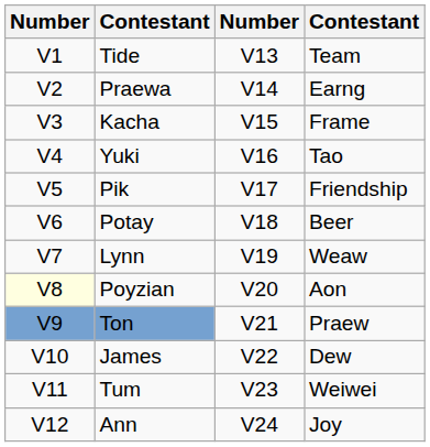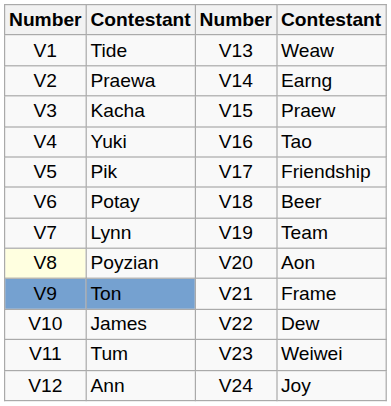 <table class="wikitable">
 <tr>
 <th>Number</th>
 <th>Contestant</th>
 <th>Number</th>
 <th>Contestant</th>
 </tr>
 <tr>
 <td style="text-align:center;">V1</td>
 <td>Tide</td>
 <td style="text-align:center;">V13</td>
-<td>Team</td>
+<td>Weaw</td>
 </tr>
 <tr>
 <td style="text-align:center;">V2</td>
 <td>Praewa</td>
 <td style="text-align:center;">V14</td>
 <td>Earng</td>
 </tr>
 <tr>
 <td style="text-align:center;">V3</td>
 <td>Kacha</td>
 <td style="text-align:center;">V15</td>
-<td>Frame</td>
+<td>Praew</td>
 </tr>
 <tr>
 <td style="text-align:center;">V4</td>
 <td>Yuki</td>
 <td style="text-align:center;">V16</td>
 <td>Tao</td>
 </tr>
 <tr>
 <td style="text-align:center;">V5</td>
 <td>Pik</td>
 <td style="text-align:center;">V17</td>
 <td>Friendship</td>
 </tr>
 <tr>
 <td style="text-align:center;">V6</td>
 <td>Potay</td>
 <td style="text-align:center;">V18</td>
 <td>Beer</td>
 </tr>
 <tr>
 <td style="text-align:center;">V7</td>
 <td>Lynn</td>
 <td style="text-align:center;">V19</td>
-<td>Weaw</td>
+<td>Team</td>
 </tr>
 <tr>
 <td style="background: lightyellow; text-align:center;">V8</td>
 <td>Poyzian</td>
 <td style="text-align:center;">V20</td>
 <td>Aon</td>
 </tr>
 <tr>
 <td style="background:#75a1d0; text-align:center;">V9</td>
 <td style="background:#75A1D0">Ton</td>
 <td style="text-align:center;">V21</td>
-<td>Praew</td>
+<td>Frame</td>
 </tr>
 <tr>
 <td style="text-align:center;">V10</td>
 <td>James</td>
 <td style="text-align:center;">V22</td>
 <td>Dew</td>
 </tr>
 <tr>
 <td style="text-align:center;">V11</td>
 <td>Tum</td>
 <td style="text-align:center;">V23</td>
 <td>Weiwei</td>
 </tr>
 <tr>
 <td style="text-align:center;">V12</td>
 <td>Ann</td>
 <td style="text-align:center;">V24</td>
 <td>Joy</td>
 </tr>
 </table>
